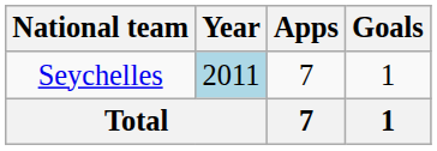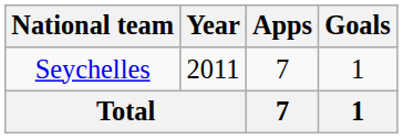 <table class="wikitable" style="text-align:center">
 <tr>
 <th>National team</th>
 <th>Year</th>
 <th>Apps</th>
 <th>Goals</th>
 </tr>
 <tr>
 <td><a href='#'>Seychelles</a></td>
-<td style="background: lightblue;">2011</td>
+<td>2011</td>
 <td>7</td>
 <td>1</td>
 </tr>
 <tr>
 <th colspan="2">Total</th>
 <th>7</th>
 <th>1</th>
 </tr>
 </table>
